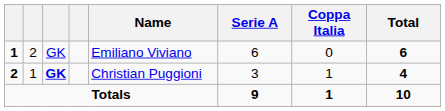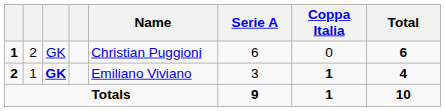 <table class="wikitable" style="text-align:center">
 <tr>
 <th width=15></th>
 <th width=15></th>
 <th width=15></th>
 <th width=15></th>
 <th width=145>Name</th>
 <th width=80><strong><a href='#'>Serie A</a></strong></th>
 <th width=80><strong><a href='#'>Coppa Italia</a></strong></th>
 <th width=80>Total</th>
 </tr>
 <tr>
 <td><strong>1</strong></td>
 <td>2</td>
 <td><a href='#'>GK</a></td>
 <td></td>
-<td align=left><a href='#'>Emiliano Viviano</a></td>
+<td align=left><a href='#'>Christian Puggioni</a></td>
 <td>6</td>
 <td>0</td>
 <td><strong>6</strong></td>
 </tr>
 <tr>
 <td><strong>2</strong></td>
 <td>1</td>
 <td><strong><a href='#'>GK</a></strong></td>
 <td></td>
-<td align=left><a href='#'>Christian Puggioni</a></td>
+<td align=left><a href='#'>Emiliano Viviano</a></td>
 <td>3</td>
-<td>1</td>
+<td><strong>1</strong></td>
 <td><strong>4</strong></td>
 </tr>
 <tr>
 <td colspan=5><strong>Totals</strong></td>
 <td><strong>9</strong></td>
 <td><strong>1</strong></td>
 <td><strong>10</strong></td>
 </tr>
 </table>
